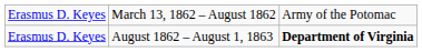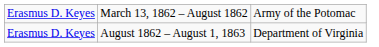 <table class="wikitable">
 <tr>
 <td><a href='#'>Erasmus D. Keyes</a></td>
 <td>March 13, 1862 – August 1862</td>
 <td>Army of the Potomac</td>
 </tr>
 <tr>
 <td><a href='#'>Erasmus D. Keyes</a></td>
 <td>August 1862 – August 1, 1863</td>
-<td><strong>Department of Virginia</strong></td>
+<td>Department of Virginia</td>
 </tr>
 </table>
